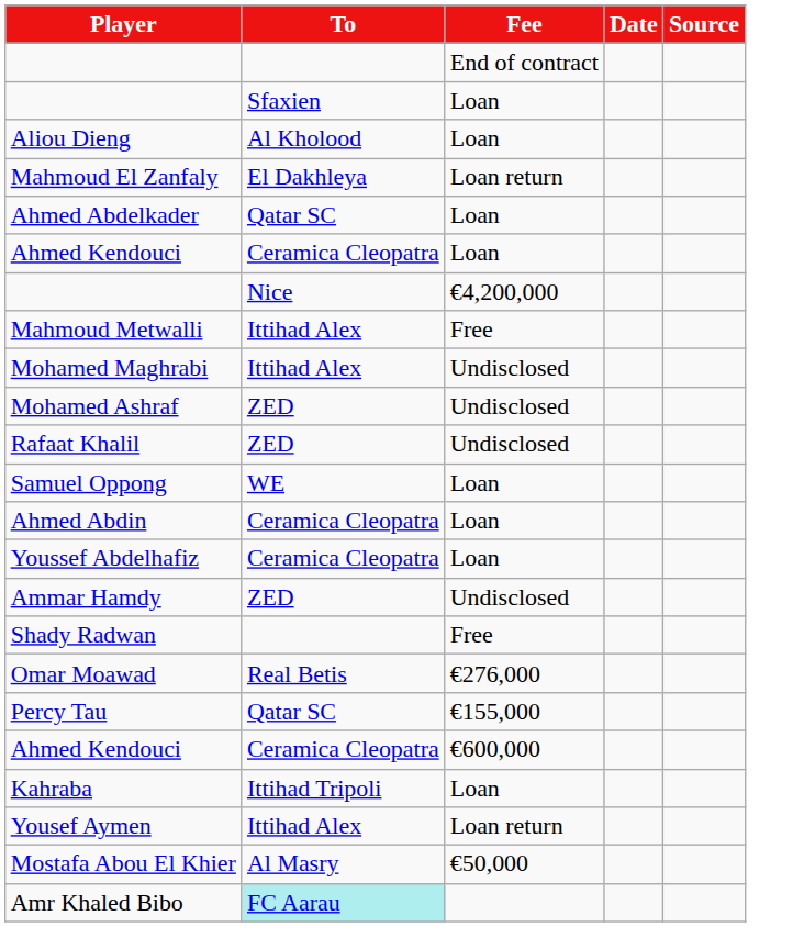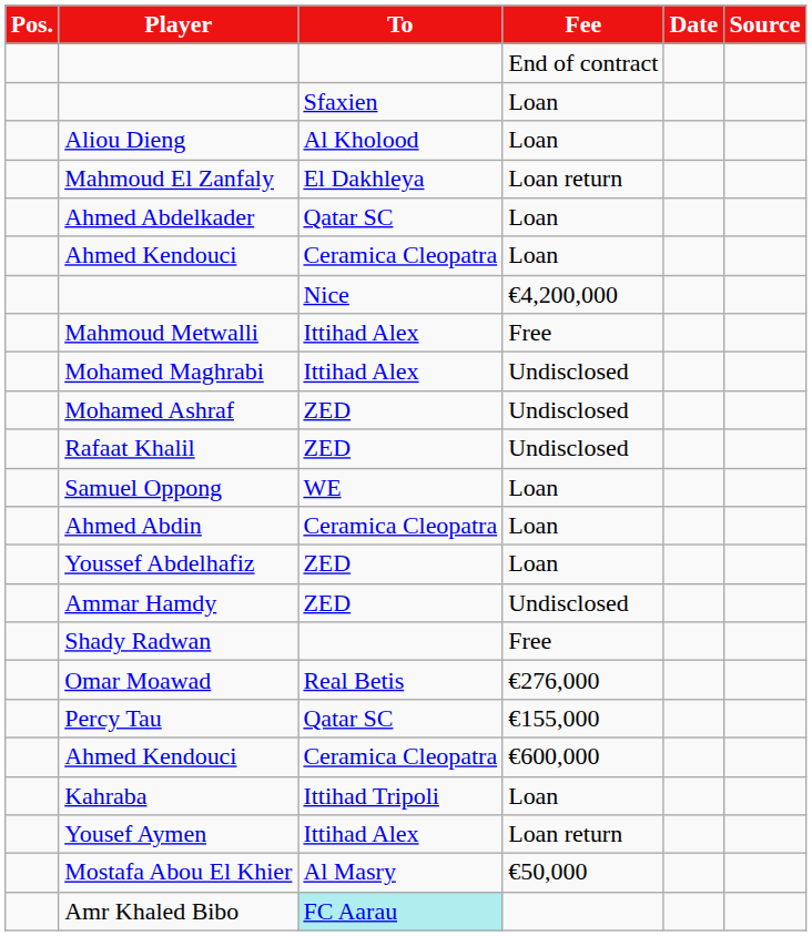 <table class="wikitable plainrowheaders sortable">
 <tr>
+<th style="background:#ed1313; color:#ffffff; ">Pos.</th>
 <th style="background:#ed1313; color:#ffffff; ">Player</th>
 <th style="background:#ed1313; color:#ffffff; ">To</th>
 <th style="background:#ed1313; color:#ffffff; ">Fee</th>
 <th style="background:#ed1313; color:#ffffff; ">Date</th>
 <th style="background:#ed1313; color:#ffffff; ">Source</th>
 </tr>
 <tr>
+<td align="center"></td>
 <td></td>
 <td></td>
 <td>End of contract</td>
 <td></td>
 <td></td>
 </tr>
 <tr>
+<td align="center"></td>
 <td></td>
 <td> <a href='#'>Sfaxien</a></td>
 <td>Loan</td>
 <td></td>
 <td></td>
 </tr>
 <tr>
+<td align="center"></td>
 <td> <a href='#'>Aliou Dieng</a></td>
 <td> <a href='#'>Al Kholood</a></td>
 <td>Loan</td>
 <td></td>
 <td></td>
 </tr>
 <tr>
+<td align="center"></td>
 <td> <a href='#'>Mahmoud El Zanfaly</a></td>
 <td> <a href='#'>El Dakhleya</a></td>
 <td>Loan return</td>
 <td></td>
 <td></td>
 </tr>
 <tr>
+<td align="center"></td>
 <td> <a href='#'>Ahmed Abdelkader</a></td>
 <td> <a href='#'>Qatar SC</a></td>
 <td>Loan</td>
 <td></td>
 <td></td>
 </tr>
 <tr>
+<td align="center"></td>
 <td> <a href='#'>Ahmed Kendouci</a></td>
 <td> <a href='#'>Ceramica Cleopatra</a></td>
 <td>Loan</td>
 <td></td>
 <td></td>
 </tr>
 <tr>
+<td align="center"></td>
 <td></td>
 <td> <a href='#'>Nice</a></td>
 <td>€4,200,000</td>
 <td></td>
 <td></td>
 </tr>
 <tr>
+<td align="center"></td>
 <td> <a href='#'>Mahmoud Metwalli</a></td>
 <td> <a href='#'>Ittihad Alex</a></td>
 <td>Free</td>
 <td></td>
 <td></td>
 </tr>
 <tr>
+<td align="center"></td>
 <td> <a href='#'>Mohamed Maghrabi</a></td>
 <td> <a href='#'>Ittihad Alex</a></td>
 <td>Undisclosed</td>
 <td></td>
 <td></td>
 </tr>
 <tr>
+<td align="center"></td>
 <td> <a href='#'>Mohamed Ashraf</a></td>
 <td> <a href='#'>ZED</a></td>
 <td>Undisclosed</td>
 <td></td>
 <td></td>
 </tr>
 <tr>
+<td align="center"></td>
 <td> <a href='#'>Rafaat Khalil</a></td>
 <td> <a href='#'>ZED</a></td>
 <td>Undisclosed</td>
 <td></td>
 <td></td>
 </tr>
 <tr>
+<td align="center"></td>
 <td> <a href='#'>Samuel Oppong</a></td>
 <td> <a href='#'>WE</a></td>
 <td>Loan</td>
 <td></td>
 <td></td>
 </tr>
 <tr>
+<td align="center"></td>
 <td> <a href='#'>Ahmed Abdin</a></td>
 <td> <a href='#'>Ceramica Cleopatra</a></td>
 <td>Loan</td>
 <td></td>
 <td></td>
 </tr>
 <tr>
+<td align="center"></td>
 <td> <a href='#'>Youssef Abdelhafiz</a></td>
-<td> <a href='#'>Ceramica Cleopatra</a></td>
+<td> <a href='#'>ZED</a></td>
 <td>Loan</td>
 <td></td>
 <td></td>
 </tr>
 <tr>
+<td align="center"></td>
 <td> <a href='#'>Ammar Hamdy</a></td>
 <td> <a href='#'>ZED</a></td>
 <td>Undisclosed</td>
 <td></td>
 <td></td>
 </tr>
 <tr>
+<td align="center"></td>
 <td> <a href='#'>Shady Radwan</a></td>
 <td></td>
 <td>Free</td>
 <td></td>
 <td></td>
 </tr>
 <tr>
+<td align="center"></td>
 <td> <a href='#'>Omar Moawad</a></td>
 <td> <a href='#'>Real Betis</a></td>
 <td>€276,000</td>
 <td></td>
 <td></td>
 </tr>
 <tr>
+<td align="center"></td>
 <td> <a href='#'>Percy Tau</a></td>
 <td> <a href='#'>Qatar SC</a></td>
 <td>€155,000</td>
 <td></td>
 <td></td>
 </tr>
 <tr>
+<td align="center"></td>
 <td> <a href='#'>Ahmed Kendouci</a></td>
 <td> <a href='#'>Ceramica Cleopatra</a></td>
 <td>€600,000</td>
 <td></td>
 <td></td>
 </tr>
 <tr>
+<td align="center"></td>
 <td> <a href='#'>Kahraba</a></td>
 <td> <a href='#'>Ittihad Tripoli</a></td>
 <td>Loan</td>
 <td></td>
 <td></td>
 </tr>
 <tr>
+<td align="center"></td>
 <td> <a href='#'>Yousef Aymen</a></td>
 <td> <a href='#'>Ittihad Alex</a></td>
 <td>Loan return</td>
 <td></td>
 <td></td>
 </tr>
 <tr>
+<td align="center"></td>
 <td> <a href='#'>Mostafa Abou El Khier</a></td>
 <td> <a href='#'>Al Masry</a></td>
 <td>€50,000</td>
 <td></td>
 <td></td>
 </tr>
 <tr>
+<td align="center"></td>
 <td> Amr Khaled Bibo</td>
 <td style="background: paleturquoise;"> <a href='#'>FC Aarau</a></td>
 <td></td>
 <td></td>
 <td></td>
 </tr>
 </table>
